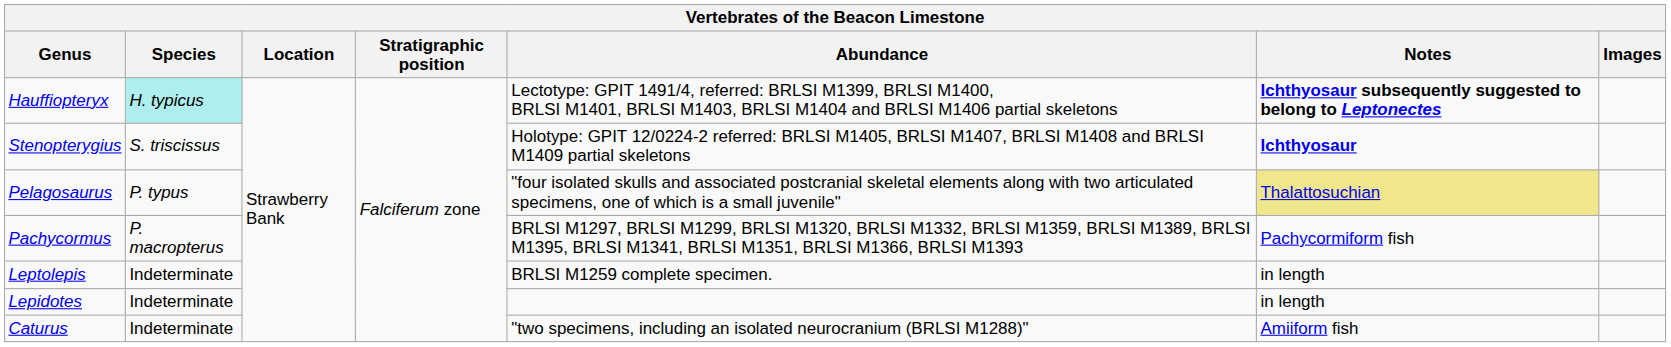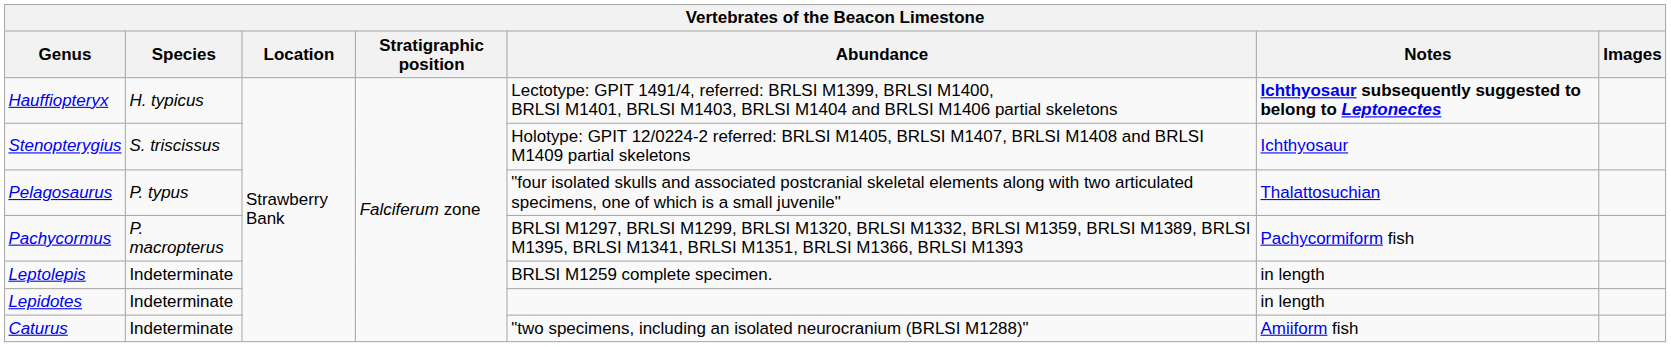 <table class="wikitable" align="center">
 <tr>
 <th colspan="7" align="center"><strong>Vertebrates of the Beacon Limestone</strong></th>
 </tr>
 <tr>
 <th>Genus</th>
 <th>Species</th>
 <th>Location</th>
 <th>Stratigraphic position</th>
 <th>Abundance</th>
 <th>Notes</th>
 <th>Images</th>
 </tr>
 <tr>
 <td><em><a href='#'>Hauffiopteryx</a></em></td>
-<td style="background: paleturquoise;"><em>H. typicus</em></td>
+<td><em>H. typicus</em></td>
 <td rowspan="7">Strawberry Bank</td>
 <td rowspan="7"><em>Falciferum</em> zone</td>
 <td>Lectotype: GPIT 1491/4, referred: BRLSI M1399, BRLSI M1400,<br>BRLSI M1401, BRLSI M1403, BRLSI M1404 and BRLSI M1406 partial skeletons</td>
 <td><strong><a href='#'>Ichthyosaur</a> subsequently suggested to belong to <em><a href='#'>Leptonectes</a></em></strong></td>
 <td></td>
 </tr>
 <tr>
 <td><em><a href='#'>Stenopterygius</a></em></td>
 <td><em>S. triscissus</em></td>
 <td>Holotype: GPIT 12/0224-2 referred: BRLSI M1405, BRLSI M1407, BRLSI M1408 and BRLSI M1409 partial skeletons</td>
-<td><strong><a href='#'>Ichthyosaur</a></strong></td>
+<td><a href='#'>Ichthyosaur</a></td>
 <td></td>
 </tr>
 <tr>
 <td><em><a href='#'>Pelagosaurus</a></em></td>
 <td><em>P. typus</em></td>
 <td>"four isolated skulls and associated postcranial skeletal elements along with two articulated specimens, one of which is a small juvenile"</td>
-<td style="background: khaki;"><a href='#'>Thalattosuchian</a></td>
+<td><a href='#'>Thalattosuchian</a></td>
 <td></td>
 </tr>
 <tr>
 <td><em><a href='#'>Pachycormus</a></em></td>
 <td><em>P. macropterus</em></td>
 <td>BRLSI M1297, BRLSI M1299, BRLSI M1320, BRLSI M1332, BRLSI M1359, BRLSI M1389, BRLSI M1395, BRLSI M1341, BRLSI M1351, BRLSI M1366, BRLSI M1393</td>
 <td><a href='#'>Pachycormiform</a> fish</td>
 <td></td>
 </tr>
 <tr>
 <td><em><a href='#'>Leptolepis</a></em></td>
 <td>Indeterminate</td>
 <td>BRLSI M1259 complete specimen.</td>
 <td> in length</td>
 <td></td>
 </tr>
 <tr>
 <td><em><a href='#'>Lepidotes</a></em></td>
 <td>Indeterminate</td>
 <td></td>
 <td> in length</td>
 <td></td>
 </tr>
 <tr>
 <td><em><a href='#'>Caturus</a></em></td>
 <td>Indeterminate</td>
 <td>"two specimens, including an isolated neurocranium (BRLSI M1288)"</td>
 <td><a href='#'>Amiiform</a> fish</td>
 <td></td>
 </tr>
 </table>
